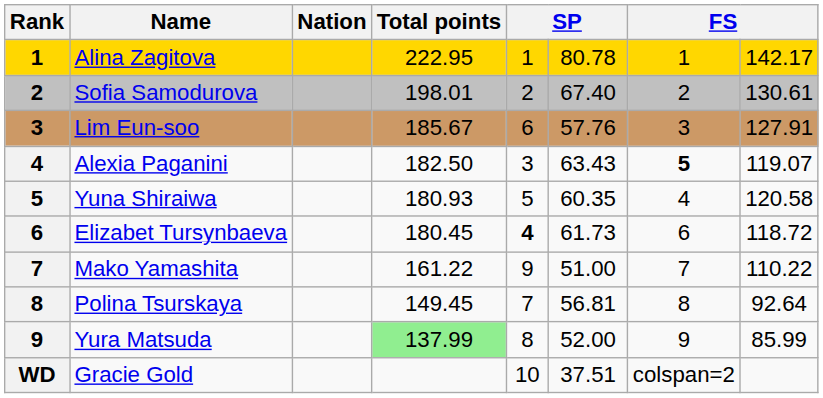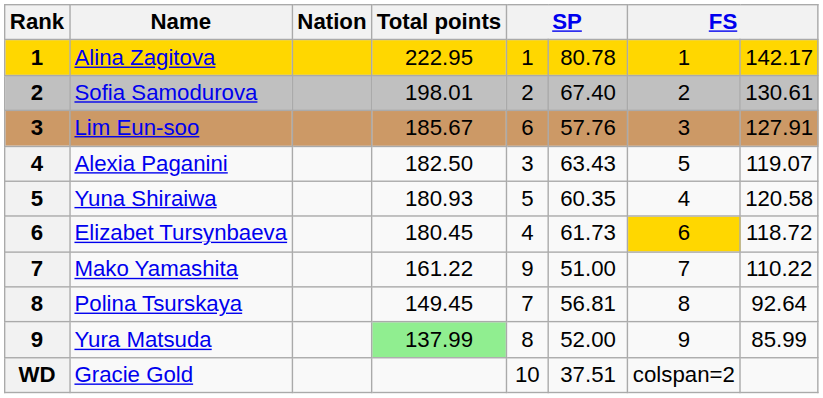 <table class="wikitable sortable">
 <tr>
 <th>Rank</th>
 <th>Name</th>
 <th>Nation</th>
 <th>Total points</th>
 <th colspan=2 width=80px><a href='#'>SP</a></th>
 <th colspan=2 width=80px><a href='#'>FS</a></th>
 </tr>
 <tr bgcolor=gold>
 <td align=center><strong>1</strong></td>
 <td><a href='#'>Alina Zagitova</a></td>
 <td></td>
 <td align=center>222.95</td>
 <td align=center>1</td>
 <td align=center>80.78</td>
 <td align=center>1</td>
 <td align=center>142.17</td>
 </tr>
 <tr bgcolor=silver>
 <td align=center><strong>2</strong></td>
 <td><a href='#'>Sofia Samodurova</a></td>
 <td></td>
 <td align=center>198.01</td>
 <td align=center>2</td>
 <td align=center>67.40</td>
 <td align=center>2</td>
 <td align=center>130.61</td>
 </tr>
 <tr bgcolor=cc9966>
 <td align=center><strong>3</strong></td>
 <td><a href='#'>Lim Eun-soo</a></td>
 <td></td>
 <td align=center>185.67</td>
 <td align=center>6</td>
 <td align=center>57.76</td>
 <td align=center>3</td>
 <td align=center>127.91</td>
 </tr>
 <tr>
 <th>4</th>
 <td><a href='#'>Alexia Paganini</a></td>
 <td></td>
 <td align=center>182.50</td>
 <td align=center>3</td>
 <td align=center>63.43</td>
-<td align=center><strong>5</strong></td>
+<td align=center>5</td>
 <td align=center>119.07</td>
 </tr>
 <tr>
 <th>5</th>
 <td><a href='#'>Yuna Shiraiwa</a></td>
 <td></td>
 <td align=center>180.93</td>
 <td align=center>5</td>
 <td align=center>60.35</td>
 <td align=center>4</td>
 <td align=center>120.58</td>
 </tr>
 <tr>
 <th>6</th>
 <td><a href='#'>Elizabet Tursynbaeva</a></td>
 <td></td>
 <td align=center>180.45</td>
-<td align=center><strong>4</strong></td>
+<td align=center>4</td>
 <td align=center>61.73</td>
-<td align=center>6</td>
+<td align=center style="background: gold;">6</td>
 <td align=center>118.72</td>
 </tr>
 <tr>
 <th>7</th>
 <td><a href='#'>Mako Yamashita</a></td>
 <td></td>
 <td align=center>161.22</td>
 <td align=center>9</td>
 <td align=center>51.00</td>
 <td align=center>7</td>
 <td align=center>110.22</td>
 </tr>
 <tr>
 <th>8</th>
 <td><a href='#'>Polina Tsurskaya</a></td>
 <td></td>
 <td align=center>149.45</td>
 <td align=center>7</td>
 <td align=center>56.81</td>
 <td align=center>8</td>
 <td align=center>92.64</td>
 </tr>
 <tr>
 <th>9</th>
 <td><a href='#'>Yura Matsuda</a></td>
 <td></td>
 <td align=center style="background: lightgreen;">137.99</td>
 <td align=center>8</td>
 <td align=center>52.00</td>
 <td align=center>9</td>
 <td align=center>85.99</td>
 </tr>
 <tr>
 <th>WD</th>
 <td><a href='#'>Gracie Gold</a></td>
 <td></td>
 <td></td>
 <td align=center>10</td>
 <td align=center>37.51</td>
 <td>colspan=2 </td>
 </tr>
 </table>
